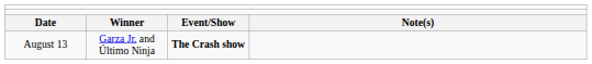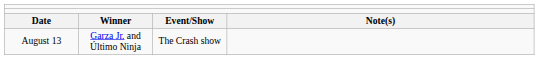 <table class="wikitable" style="text-align:center; width:100%;">
 <tr>
 <td colspan="5"></td>
 </tr>
 <tr>
 <td colspan="5"><strong></strong></td>
 </tr>
 <tr>
 <th width=14%>Date</th>
 <th width=14%>Winner</th>
 <th width=14%>Event/Show</th>
 <th width=58%>Note(s)</th>
 </tr>
 <tr>
 <td>August 13</td>
 <td><a href='#'>Garza Jr.</a> and Último Ninja</td>
-<td><strong>The Crash show</strong></td>
+<td>The Crash show</td>
 <td align=left></td>
 </tr>
 </table>
